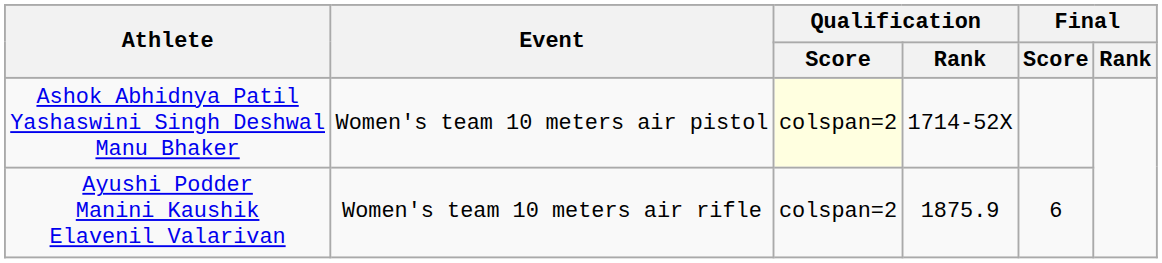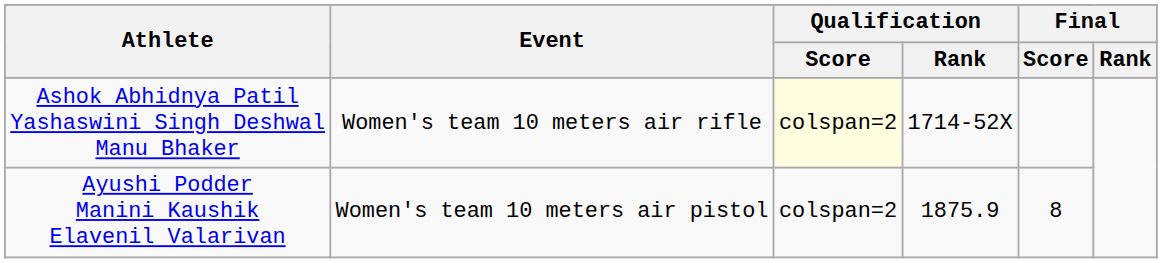 <table class="wikitable" style="text-align:center; font-size:90%">
 <tr>
 <th rowspan="2">Athlete</th>
 <th rowspan="2">Event</th>
 <th colspan="2">Qualification</th>
 <th colspan="2">Final</th>
 </tr>
 <tr>
 <th>Score</th>
 <th>Rank</th>
 <th>Score</th>
 <th>Rank</th>
 </tr>
 <tr>
 <td><a href='#'>Ashok Abhidnya Patil</a><br><a href='#'>Yashaswini Singh Deshwal</a><br><a href='#'>Manu Bhaker</a></td>
-<td>Women's team 10 meters air pistol</td>
+<td>Women's team 10 meters air rifle</td>
 <td style="background: lightyellow;">colspan=2</td>
 <td>1714-52X</td>
 <td></td>
 </tr>
 <tr>
 <td><a href='#'>Ayushi Podder</a><br><a href='#'>Manini Kaushik</a><br><a href='#'>Elavenil Valarivan</a></td>
-<td>Women's team 10 meters air rifle</td>
+<td>Women's team 10 meters air pistol</td>
 <td>colspan=2</td>
 <td>1875.9</td>
-<td>6</td>
+<td>8</td>
 </tr>
 </table>
